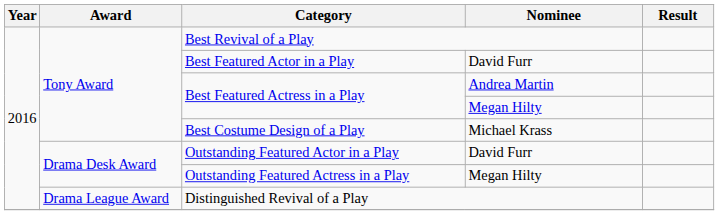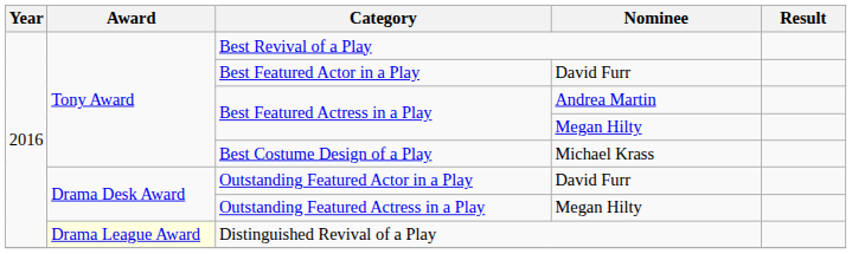 <table class="wikitable">
 <tr>
 <th width="5%">Year</th>
 <th width="20%">Award</th>
 <th width="40%">Category</th>
 <th width="25%">Nominee</th>
 <th width="10%">Result</th>
 </tr>
 <tr>
 <td rowspan="8" align="center">2016</td>
 <td rowspan="5"><a href='#'>Tony Award</a></td>
 <td colspan="2"><a href='#'>Best Revival of a Play</a></td>
 <td></td>
 </tr>
 <tr>
 <td><a href='#'>Best Featured Actor in a Play</a></td>
 <td>David Furr</td>
 <td></td>
 </tr>
 <tr>
 <td rowspan="2"><a href='#'>Best Featured Actress in a Play</a></td>
 <td><a href='#'>Andrea Martin</a></td>
 <td></td>
 </tr>
 <tr>
 <td><a href='#'>Megan Hilty</a></td>
 <td></td>
 </tr>
 <tr>
 <td><a href='#'>Best Costume Design of a Play</a></td>
 <td>Michael Krass</td>
 <td></td>
 </tr>
 <tr>
 <td rowspan="2"><a href='#'>Drama Desk Award</a></td>
 <td><a href='#'>Outstanding Featured Actor in a Play</a></td>
 <td>David Furr</td>
 <td></td>
 </tr>
 <tr>
 <td><a href='#'>Outstanding Featured Actress in a Play</a></td>
 <td>Megan Hilty</td>
 <td></td>
 </tr>
 <tr>
-<td><a href='#'>Drama League Award</a></td>
+<td style="background: lightyellow;"><a href='#'>Drama League Award</a></td>
 <td colspan="2">Distinguished Revival of a Play</td>
 <td></td>
 </tr>
 <tr>
 </tr>
 </table>
